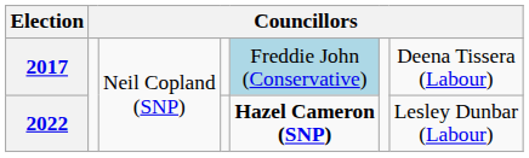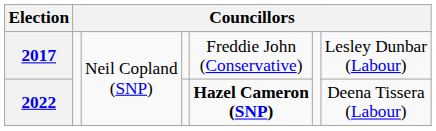 <table class="wikitable" style="text-align:center">
 <tr>
 <th>Election</th>
 <th colspan=8>Councillors</th>
 </tr>
 <tr>
 <th><a href='#'>2017</a></th>
 <td rowspan=2; style="background-color: "></td>
 <td rowspan=2>Neil Copland<br>(<a href='#'>SNP</a>)</td>
 <td rowspan=1; style="background-color: "></td>
-<td rowspan=1 style="background: lightblue;">Freddie John<br>(<a href='#'>Conservative</a>)</td>
+<td rowspan=1>Freddie John<br>(<a href='#'>Conservative</a>)</td>
 <td rowspan=2; style="background-color: "></td>
-<td rowspan=1>Deena Tissera<br>(<a href='#'>Labour</a>)</td>
+<td rowspan=1>Lesley Dunbar<br>(<a href='#'>Labour</a>)</td>
 </tr>
 <tr>
 <th><a href='#'>2022</a></th>
 <td rowspan=1; style="background-color: "></td>
 <td rowspan=1><strong>Hazel Cameron<br>(<a href='#'>SNP</a>)</strong></td>
-<td rowspan=1>Lesley Dunbar<br>(<a href='#'>Labour</a>)</td>
+<td rowspan=1>Deena Tissera<br>(<a href='#'>Labour</a>)</td>
 </tr>
 </table>
